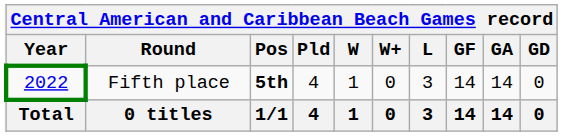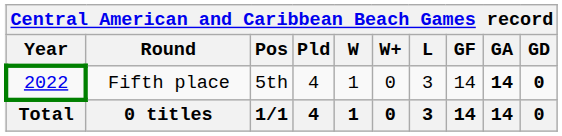 <table class="wikitable" style="text-align: center;">
 <tr>
 <th colspan=10><a href='#'>Central American and Caribbean Beach Games</a> record</th>
 </tr>
 <tr>
 <th>Year</th>
 <th>Round</th>
 <th width=20>Pos</th>
 <th width=20>Pld</th>
 <th width=20>W</th>
 <th width=20>W+</th>
 <th width=20>L</th>
 <th width=20>GF</th>
 <th width=20>GA</th>
 <th width=20>GD</th>
 </tr>
 <tr>
 <td style="border: 3px solid green"> <a href='#'>2022</a></td>
 <td>Fifth place</td>
-<td><strong>5th</strong></td>
+<td>5th</td>
 <td>4</td>
 <td>1</td>
 <td>0</td>
 <td>3</td>
 <td>14</td>
-<td>14</td>
-<td>0</td>
+<td><strong>14</strong></td>
+<td><strong>0</strong></td>
 </tr>
 <tr>
 <th>Total</th>
 <th>0 titles</th>
 <th>1/1</th>
 <th>4</th>
 <th>1</th>
 <th>0</th>
 <th>3</th>
 <th>14</th>
 <th>14</th>
 <th>0</th>
 </tr>
 </table>
